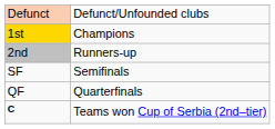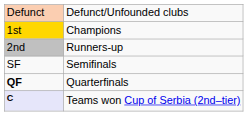 <table class="wikitable">
 <tr>
 <td style="background-color:#FBCEB1" width="80px">Defunct</td>
 <td colspan="6">Defunct/Unfounded clubs</td>
 </tr>
 <tr>
 <td style="background-color:gold" width="80px">1st</td>
 <td colspan="6">Champions</td>
 </tr>
 <tr>
 <td style="background-color:silver" width="80px">2nd</td>
 <td colspan="6">Runners-up</td>
 </tr>
 <tr>
 <td>SF</td>
 <td colspan="6">Semifinals</td>
 </tr>
 <tr>
-<td>QF</td>
+<td><strong>QF</strong></td>
 <td colspan="6">Quarterfinals</td>
 </tr>
 <tr>
-<td width="80px"><sup><strong>C</strong></sup></td>
+<td width="80px" style="background: lavender;"><sup><strong>C</strong></sup></td>
 <td colspan="6">Teams won <a href='#'>Cup of Serbia (2nd–tier)</a></td>
 </tr>
 </table>
